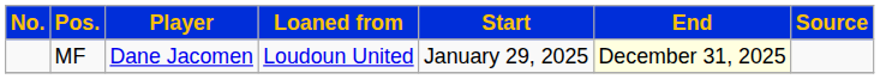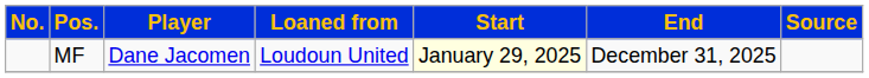 <table class="wikitable sortable" style="text-align:center; font-size:95%; text-align:left;">
 <tr>
 <th style="background:#002ED9; color:#FCC108">No.</th>
 <th style="background:#002ED9; color:#FCC108">Pos.</th>
 <th style="background:#002ED9; color:#FCC108">Player</th>
 <th style="background:#002ED9; color:#FCC108">Loaned from</th>
 <th style="background:#002ED9; color:#FCC108">Start</th>
 <th style="background:#002ED9; color:#FCC108">End</th>
 <th style="background:#002ED9; color:#FCC108">Source</th>
 </tr>
 <tr>
 <td></td>
 <td>MF</td>
 <td align="left"> <a href='#'>Dane Jacomen</a></td>
 <td align="left">  <a href='#'>Loudoun United</a></td>
-<td>January 29, 2025</td>
-<td style="background: lightyellow;">December 31, 2025</td>
+<td style="background: lightyellow;">January 29, 2025</td>
+<td>December 31, 2025</td>
 <td></td>
 </tr>
 <tr>
 </tr>
 </table>
